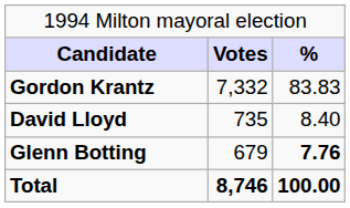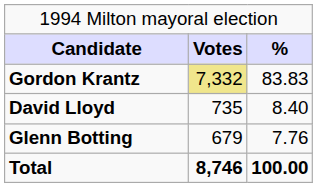 <table class="wikitable sortable">
 <tr>
 <td colspan="3" style="text-align:center;">1994 Milton mayoral election</td>
 </tr>
 <tr>
 <th style="background:#ddf; width:150px;">Candidate</th>
 <th style="background:#ddf;">Votes</th>
 <th style="background:#ddf;">%</th>
 </tr>
 <tr>
 <td><strong>Gordon Krantz</strong></td>
-<td align=right>7,332</td>
+<td align=right style="background: khaki;">7,332</td>
 <td align=right>83.83</td>
 </tr>
 <tr>
 <td><strong>David Lloyd</strong></td>
 <td align=right>735</td>
 <td align=right>8.40</td>
 </tr>
 <tr>
 <td><strong>Glenn Botting</strong></td>
 <td align=right>679</td>
-<td align=right><strong>7.76</strong></td>
+<td align=right>7.76</td>
 </tr>
 <tr>
 <td><strong>Total</strong></td>
 <td align=right><strong>8,746</strong></td>
 <td align=right><strong>100.00</strong></td>
 </tr>
 </table>
